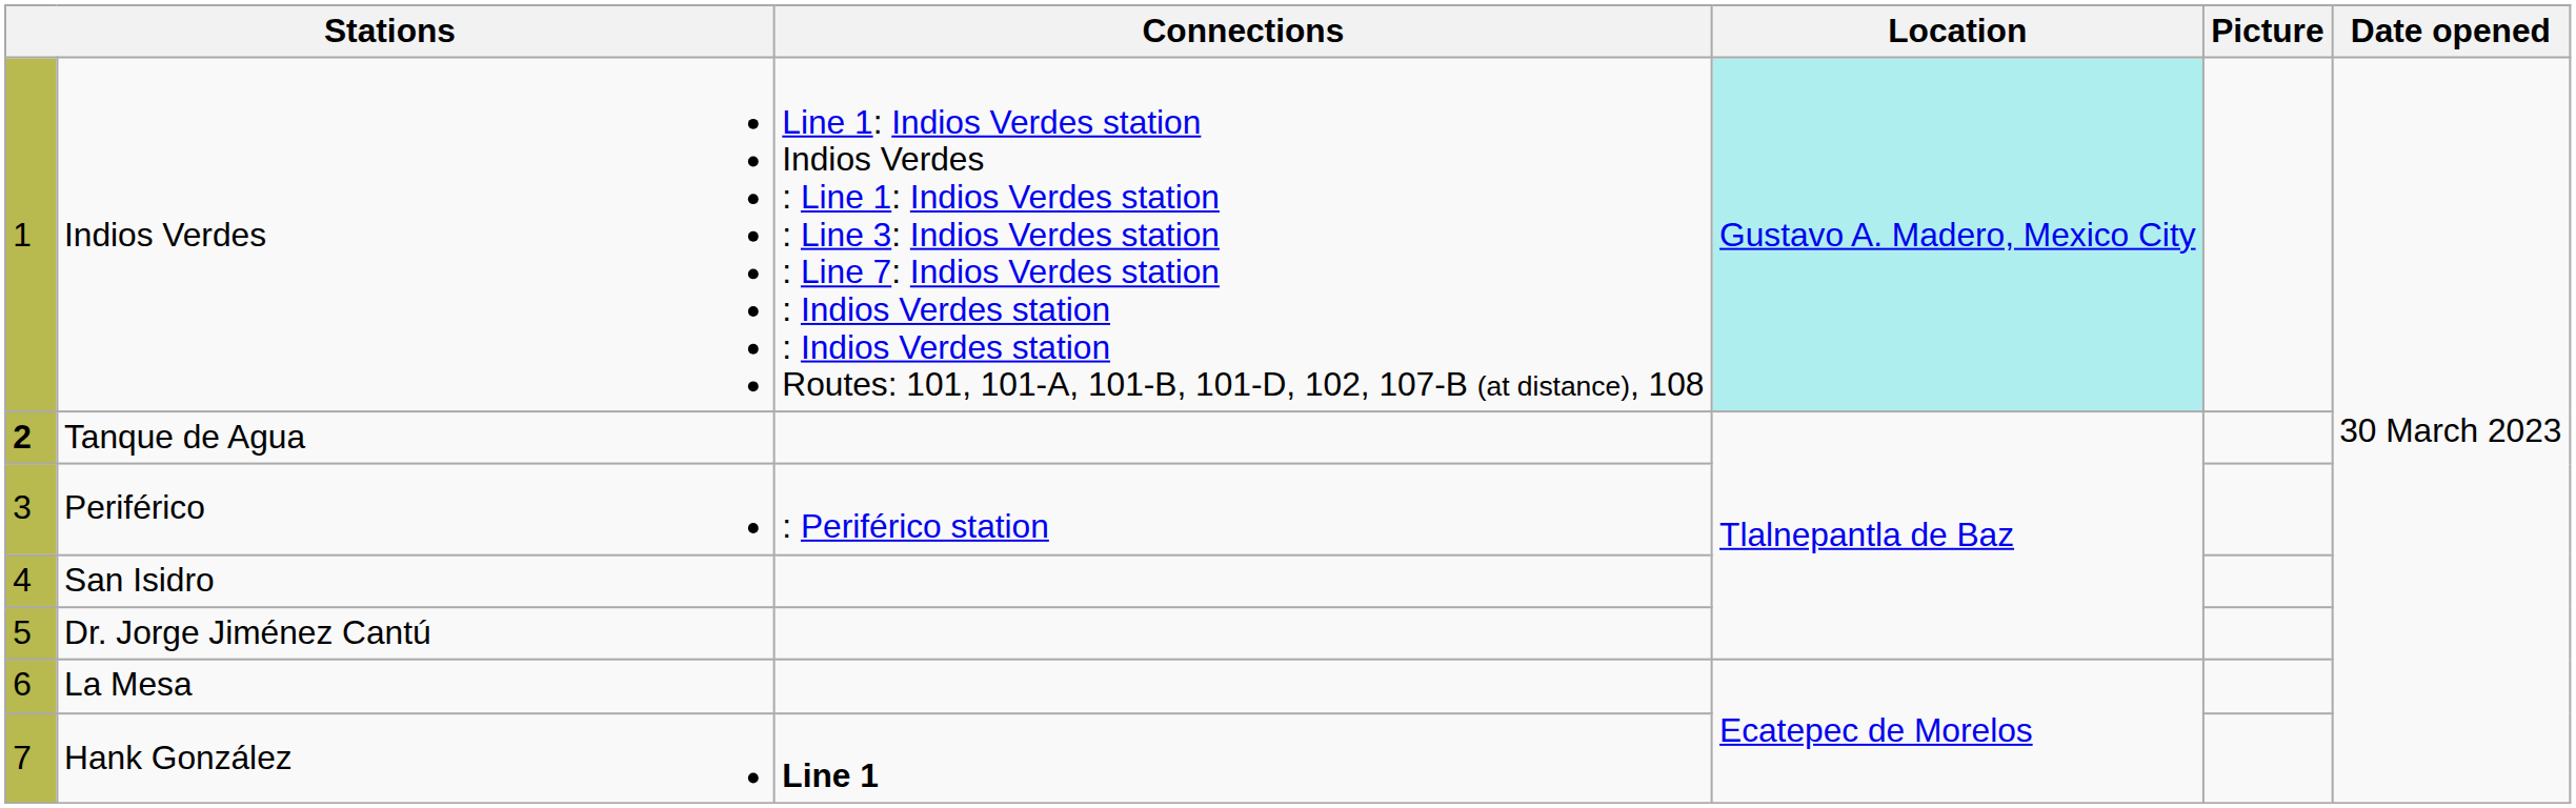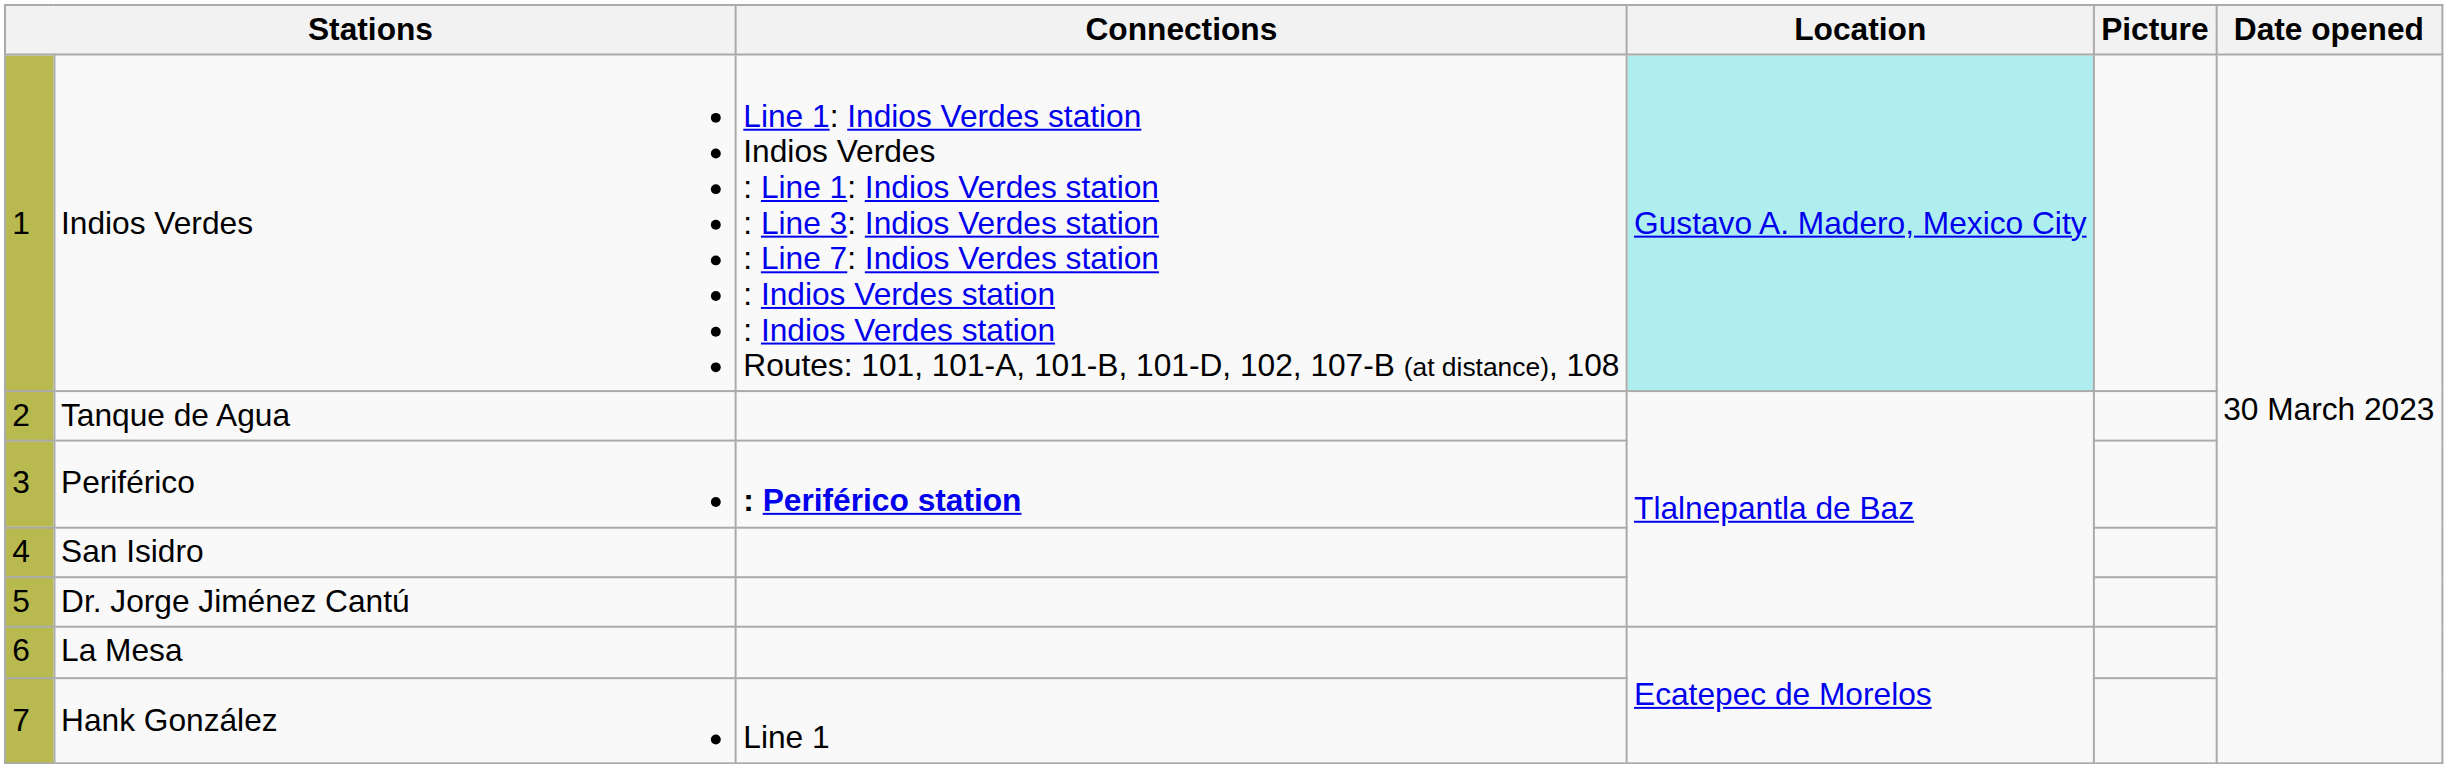 <table class="wikitable">
 <tr>
 <th colspan="2" align="center" width="30%">Stations</th>
 <th>Connections</th>
 <th>Location</th>
 <th>Picture</th>
 <th>Date opened</th>
 </tr>
 <tr>
 <td width="2%" bgcolor="b8b94e">1</td>
 <td> Indios Verdes</td>
 <td><br><li> <a href='#'>Line 1</a>: <a href='#'>Indios Verdes station</a></li> <li> Indios Verdes</li> <li> : <a href='#'>Line 1</a>: <a href='#'>Indios Verdes station</a></li> <li> : <a href='#'>Line 3</a>: <a href='#'>Indios Verdes station</a></li> <li> : <a href='#'>Line 7</a>: <a href='#'>Indios Verdes station</a></li> <li> : <a href='#'>Indios Verdes station</a></li> <li> : <a href='#'>Indios Verdes station</a></li> <li> Routes: 101, 101-A, 101-B, 101-D, 102, 107-B <small>(at distance)</small>, 108</td>
 <td style="background: paleturquoise;"><a href='#'>Gustavo A. Madero, Mexico City</a></td>
 <td></td>
 <td rowspan=7>30 March 2023</td>
 </tr>
 <tr>
-<td width="2%" bgcolor="b8b94e"><strong>2</strong></td>
+<td width="2%" bgcolor="b8b94e">2</td>
 <td> Tanque de Agua</td>
 <td></td>
 <td rowspan=4><a href='#'>Tlalnepantla de Baz</a></td>
 <td></td>
 </tr>
 <tr>
 <td width="2%" bgcolor="b8b94e">3</td>
 <td> Periférico</td>
-<td><br><li> : <a href='#'>Periférico station</a></td>
+<td><strong><br><li> : <a href='#'>Periférico station</a></strong></td>
 <td></td>
 </tr>
 <tr>
 <td width="2%" bgcolor="b8b94e">4</td>
 <td> San Isidro</td>
 <td></td>
 <td></td>
 </tr>
 <tr>
 <td width="2%" bgcolor="b8b94e">5</td>
 <td> Dr. Jorge Jiménez Cantú</td>
 <td></td>
 <td></td>
 </tr>
 <tr>
 <td width="2%" bgcolor="b8b94e">6</td>
 <td> La Mesa</td>
 <td></td>
 <td rowspan=2><a href='#'>Ecatepec de Morelos</a></td>
 <td></td>
 </tr>
 <tr>
 <td width="2%" bgcolor="b8b94e">7</td>
 <td> Hank González</td>
-<td><strong><br><li>  Line 1</strong></td>
+<td><br><li>  Line 1</td>
 <td></td>
 </tr>
 </table>
